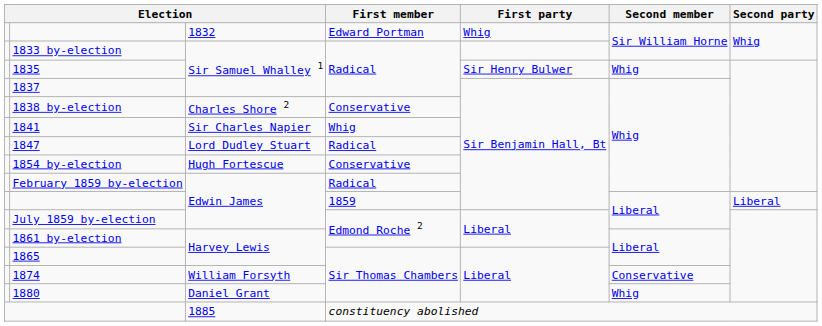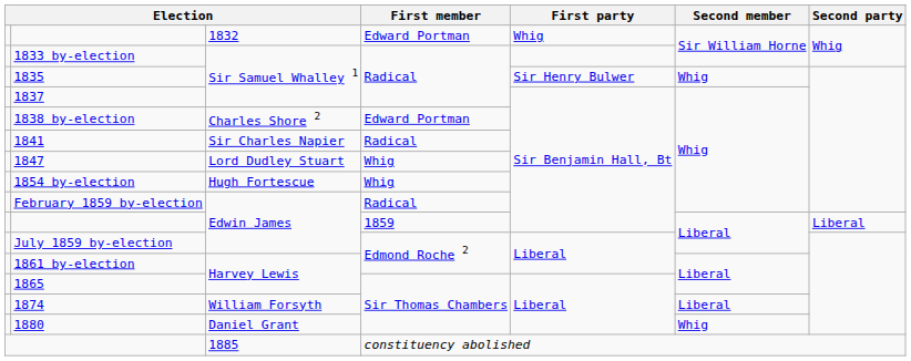 <table class="wikitable">
 <tr>
 <th colspan="3">Election</th>
 <th>First member</th>
 <th>First party</th>
 <th>Second member</th>
 <th>Second party</th>
 </tr>
 <tr>
 <td style="color:inherit;background-color: "></td>
 <td style="color:inherit;background-color: "></td>
 <td><a href='#'>1832</a></td>
 <td><a href='#'>Edward Portman</a></td>
 <td><a href='#'>Whig</a></td>
 <td rowspan="2"><a href='#'>Sir William Horne</a></td>
 <td rowspan="2"><a href='#'>Whig</a></td>
 </tr>
 <tr>
 <td style="color:inherit;background-color: "></td>
 <td><a href='#'>1833 by-election</a></td>
 <td rowspan="3"><a href='#'>Sir Samuel Whalley</a> <sup>1</sup></td>
 <td rowspan="3"><a href='#'>Radical</a></td>
 </tr>
 <tr>
 <td style="color:inherit;background-color: "></td>
 <td><a href='#'>1835</a></td>
 <td><a href='#'>Sir Henry Bulwer</a></td>
 <td><a href='#'>Whig</a></td>
 </tr>
 <tr>
 <td style="color:inherit;background-color: "></td>
 <td><a href='#'>1837</a></td>
 <td rowspan="7"><a href='#'>Sir Benjamin Hall, Bt</a></td>
 <td rowspan="6"><a href='#'>Whig</a></td>
 </tr>
 <tr>
 <td style="color:inherit;background-color: "></td>
 <td><a href='#'>1838 by-election</a></td>
 <td><a href='#'>Charles Shore</a> <sup>2</sup></td>
-<td><a href='#'>Conservative</a></td>
+<td><a href='#'>Edward Portman</a></td>
 </tr>
 <tr>
 <td style="color:inherit;background-color: "></td>
 <td><a href='#'>1841</a></td>
 <td><a href='#'>Sir Charles Napier</a></td>
-<td><a href='#'>Whig</a></td>
+<td><a href='#'>Radical</a></td>
 </tr>
 <tr>
 <td style="color:inherit;background-color: "></td>
 <td><a href='#'>1847</a></td>
 <td><a href='#'>Lord Dudley Stuart</a></td>
-<td><a href='#'>Radical</a></td>
+<td><a href='#'>Whig</a></td>
 </tr>
 <tr>
 <td style="color:inherit;background-color: "></td>
 <td><a href='#'>1854 by-election</a></td>
 <td><a href='#'>Hugh Fortescue</a></td>
-<td><a href='#'>Conservative</a></td>
+<td><a href='#'>Whig</a></td>
 </tr>
 <tr>
 <td style="color:inherit;background-color: "></td>
 <td><a href='#'>February 1859 by-election</a></td>
 <td rowspan="3"><a href='#'>Edwin James</a></td>
 <td><a href='#'>Radical</a></td>
 </tr>
 <tr>
 <td style="color:inherit;background-color: "></td>
 <td style="color:inherit;background-color: "></td>
 <td><a href='#'>1859</a></td>
 <td rowspan="2"><a href='#'>Liberal</a></td>
 <td><a href='#'>Liberal</a></td>
 </tr>
 <tr>
 <td style="color:inherit;background-color: "></td>
 <td><a href='#'>July 1859 by-election</a></td>
 <td rowspan="2"><a href='#'>Edmond Roche</a> <sup>2</sup></td>
 <td rowspan="2"><a href='#'>Liberal</a></td>
 </tr>
 <tr>
 <td style="color:inherit;background-color: "></td>
 <td><a href='#'>1861 by-election</a></td>
 <td rowspan="2"><a href='#'>Harvey Lewis</a></td>
 <td rowspan="2"><a href='#'>Liberal</a></td>
 </tr>
 <tr>
 <td style="color:inherit;background-color: "></td>
 <td><a href='#'>1865</a></td>
 <td rowspan="3"><a href='#'>Sir Thomas Chambers</a></td>
 <td rowspan="3"><a href='#'>Liberal</a></td>
 </tr>
 <tr>
 <td style="color:inherit;background-color: "></td>
 <td><a href='#'>1874</a></td>
 <td><a href='#'>William Forsyth</a></td>
-<td><a href='#'>Conservative</a></td>
+<td><a href='#'>Liberal</a></td>
 </tr>
 <tr>
 <td style="color:inherit;background-color: "></td>
 <td><a href='#'>1880</a></td>
 <td><a href='#'>Daniel Grant</a></td>
 <td><a href='#'>Whig</a></td>
 </tr>
 <tr>
 <td colspan="2"></td>
 <td><a href='#'>1885</a></td>
 <td colspan="4"><em>constituency abolished</em></td>
 </tr>
 </table>
